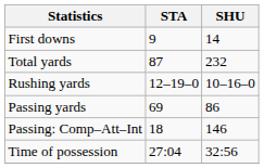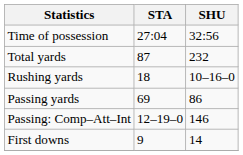 <table class="wikitable" style="float: left;">
 <tr>
 <th>Statistics</th>
 <th>STA</th>
 <th>SHU</th>
 </tr>
 <tr>
-<td>First downs</td>
-<td>9</td>
-<td>14</td>
+<td>Time of possession</td>
+<td>27:04</td>
+<td>32:56</td>
 </tr>
 <tr>
 <td>Total yards</td>
 <td>87</td>
 <td>232</td>
 </tr>
 <tr>
 <td>Rushing yards</td>
-<td>12–19–0</td>
+<td>18</td>
 <td>10–16–0</td>
 </tr>
 <tr>
 <td>Passing yards</td>
 <td>69</td>
 <td>86</td>
 </tr>
 <tr>
 <td>Passing: Comp–Att–Int</td>
-<td>18</td>
+<td>12–19–0</td>
 <td>146</td>
 </tr>
 <tr>
-<td>Time of possession</td>
-<td>27:04</td>
-<td>32:56</td>
+<td>First downs</td>
+<td>9</td>
+<td>14</td>
 </tr>
 <tr>
 </tr>
 </table>
